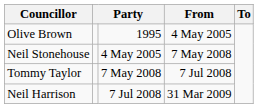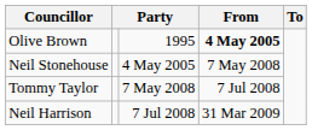 <table class=wikitable>
 <tr>
 <th>Councillor</th>
 <th colspan=2>Party</th>
 <th>From</th>
 <th>To</th>
 </tr>
 <tr>
 <td>Olive Brown</td>
 <td></td>
 <td align=right>1995</td>
-<td align=right>4 May 2005</td>
+<td align=right><strong>4 May 2005</strong></td>
 </tr>
 <tr>
 <td>Neil Stonehouse</td>
 <td></td>
 <td align=right>4 May 2005</td>
 <td align=right>7 May 2008</td>
 </tr>
 <tr>
 <td>Tommy Taylor</td>
 <td></td>
 <td align=right>7 May 2008</td>
 <td align=right>7 Jul 2008</td>
 </tr>
 <tr>
 <td>Neil Harrison</td>
 <td></td>
 <td align=right>7 Jul 2008</td>
 <td align=right>31 Mar 2009</td>
 </tr>
 </table>
